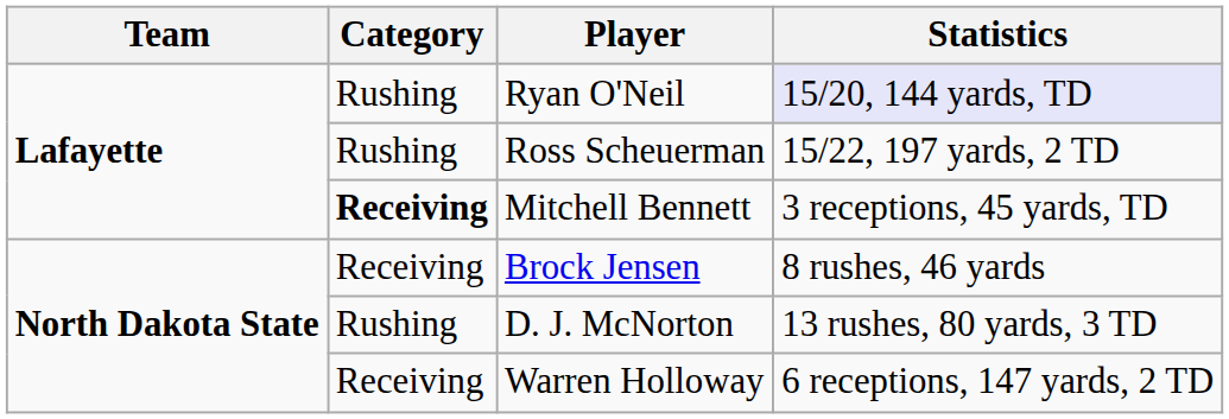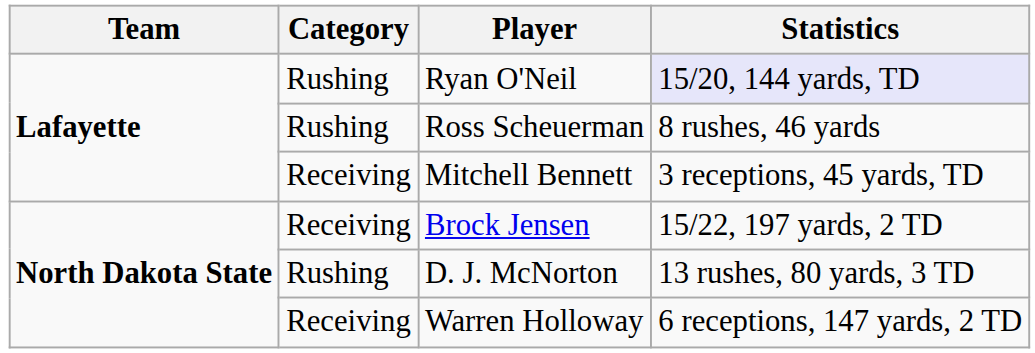 <table class="wikitable" style="float: right;">
 <tr>
 <th>Team</th>
 <th>Category</th>
 <th>Player</th>
 <th>Statistics</th>
 </tr>
 <tr>
 <td rowspan=3><strong>Lafayette</strong></td>
 <td>Rushing</td>
 <td>Ryan O'Neil</td>
 <td style="background: lavender;">15/20, 144 yards, TD</td>
 </tr>
 <tr>
 <td>Rushing</td>
 <td>Ross Scheuerman</td>
-<td>15/22, 197 yards, 2 TD</td>
+<td>8 rushes, 46 yards</td>
 </tr>
 <tr>
-<td><strong>Receiving</strong></td>
+<td>Receiving</td>
 <td>Mitchell Bennett</td>
 <td>3 receptions, 45 yards, TD</td>
 </tr>
 <tr>
 <td rowspan=3><strong>North Dakota State</strong></td>
 <td>Receiving</td>
 <td><a href='#'>Brock Jensen</a></td>
-<td>8 rushes, 46 yards</td>
+<td>15/22, 197 yards, 2 TD</td>
 </tr>
 <tr>
 <td>Rushing</td>
 <td>D. J. McNorton</td>
 <td>13 rushes, 80 yards, 3 TD</td>
 </tr>
 <tr>
 <td>Receiving</td>
 <td>Warren Holloway</td>
 <td>6 receptions, 147 yards, 2 TD</td>
 </tr>
 </table>
